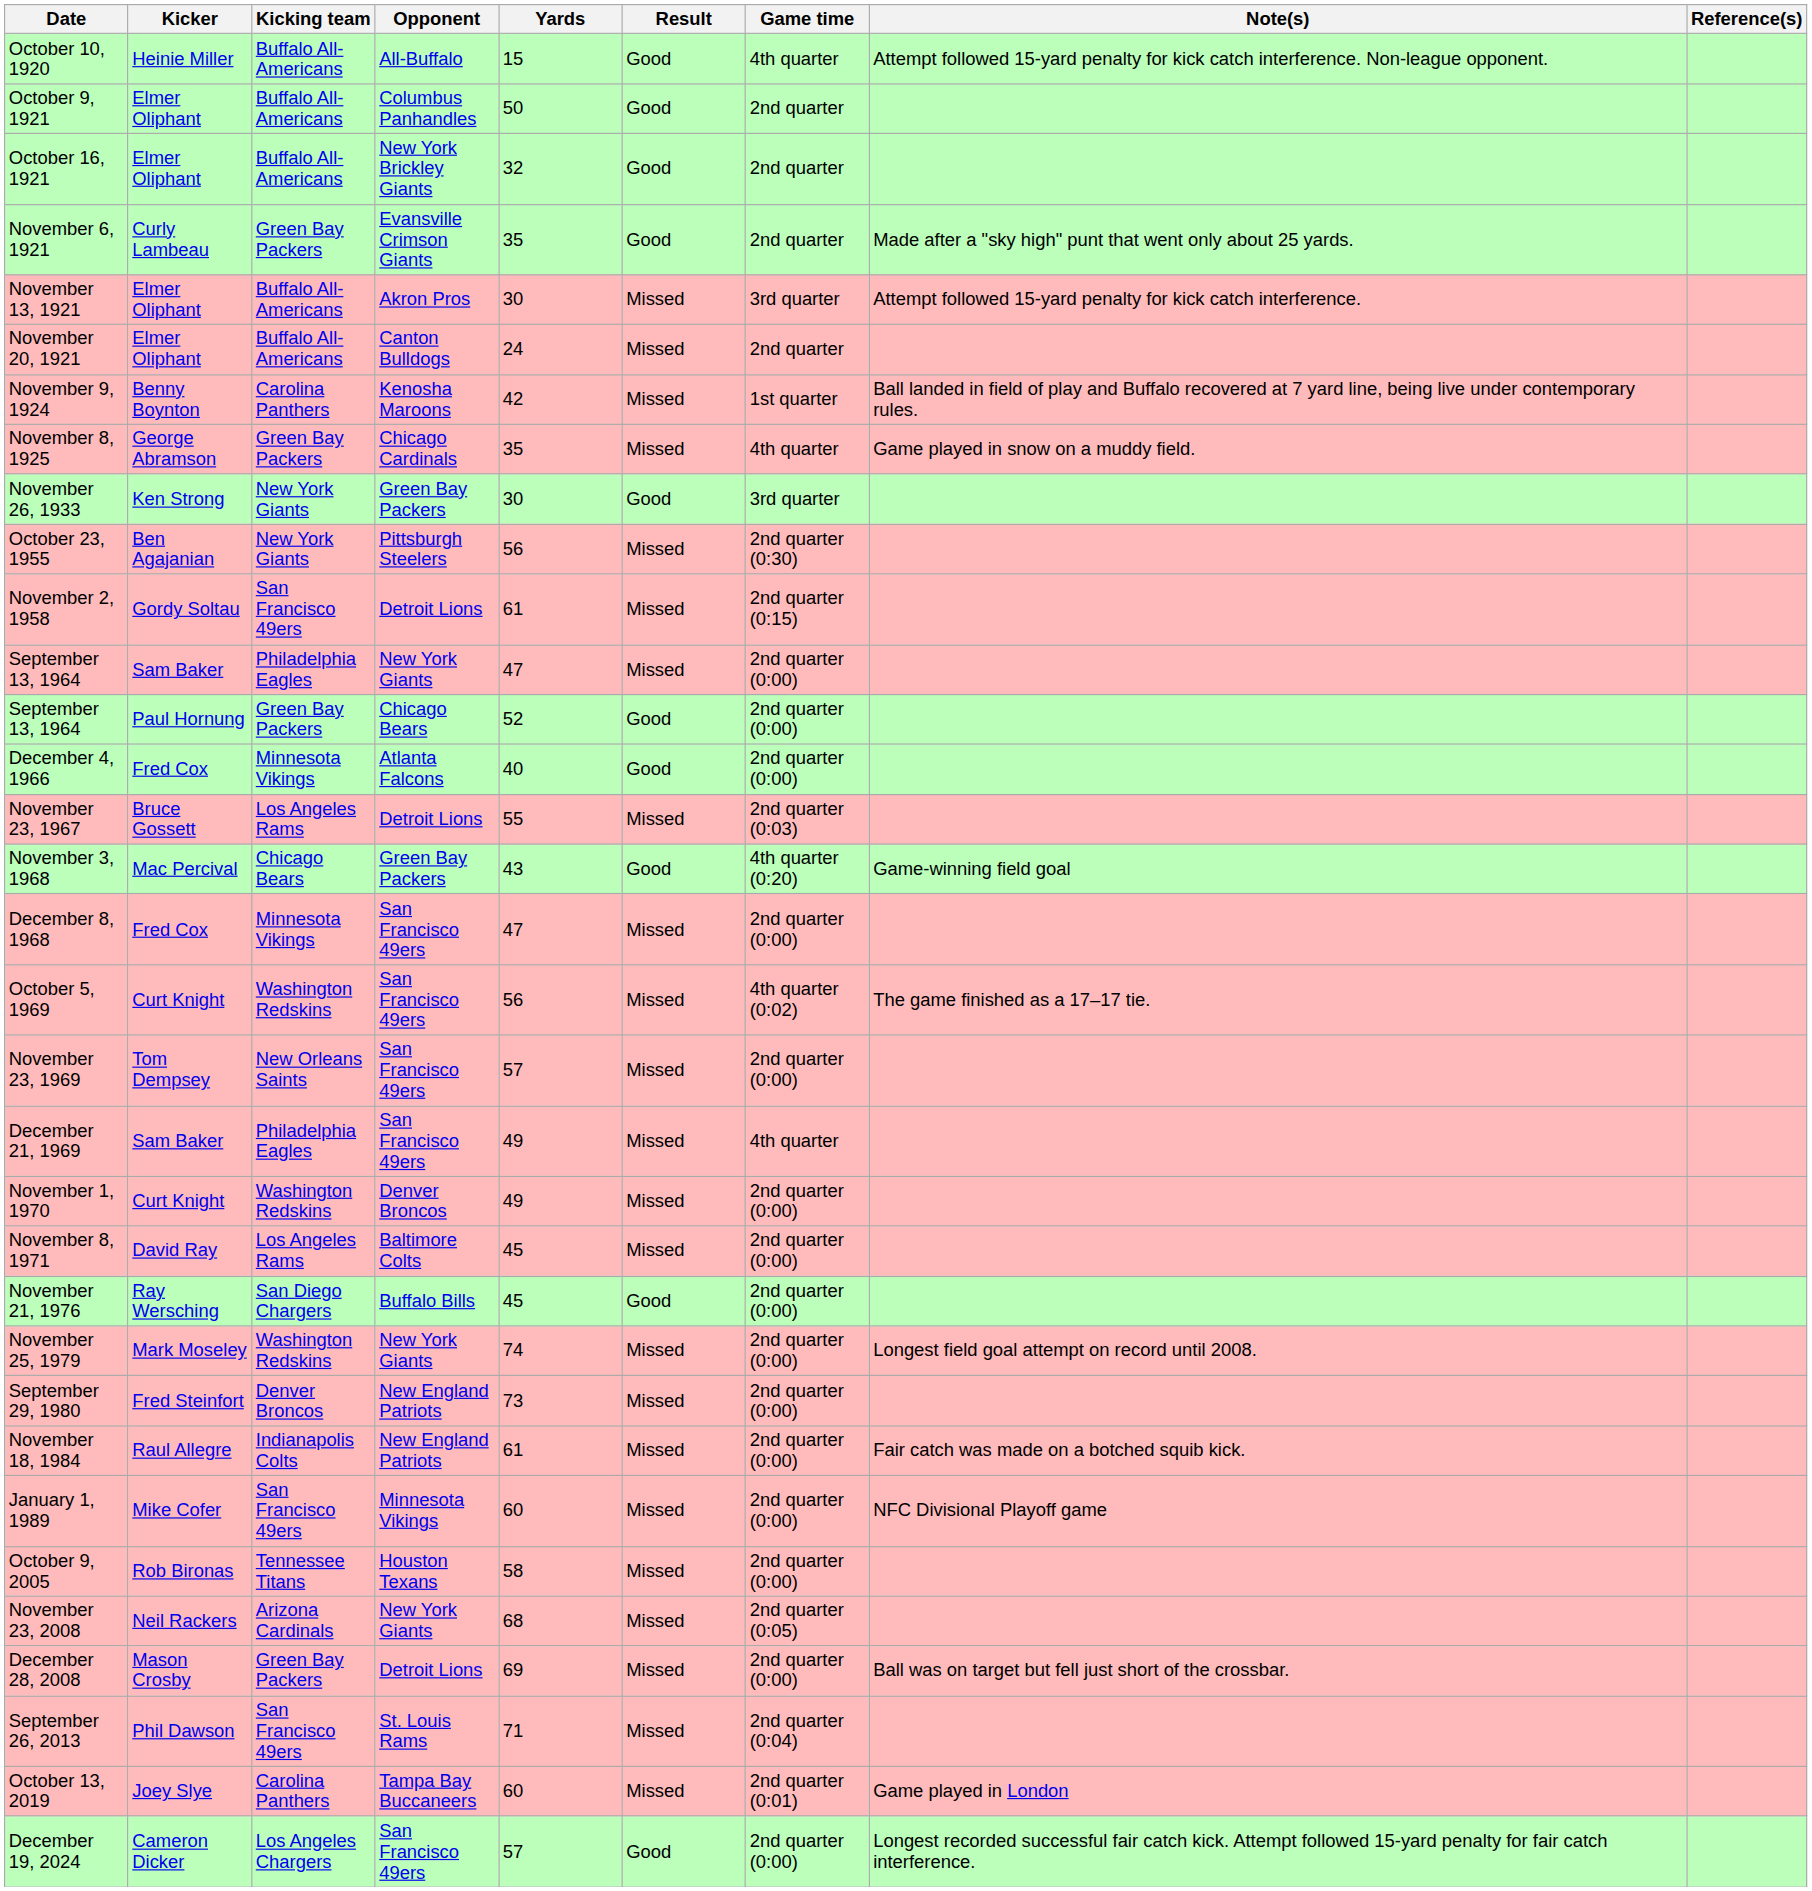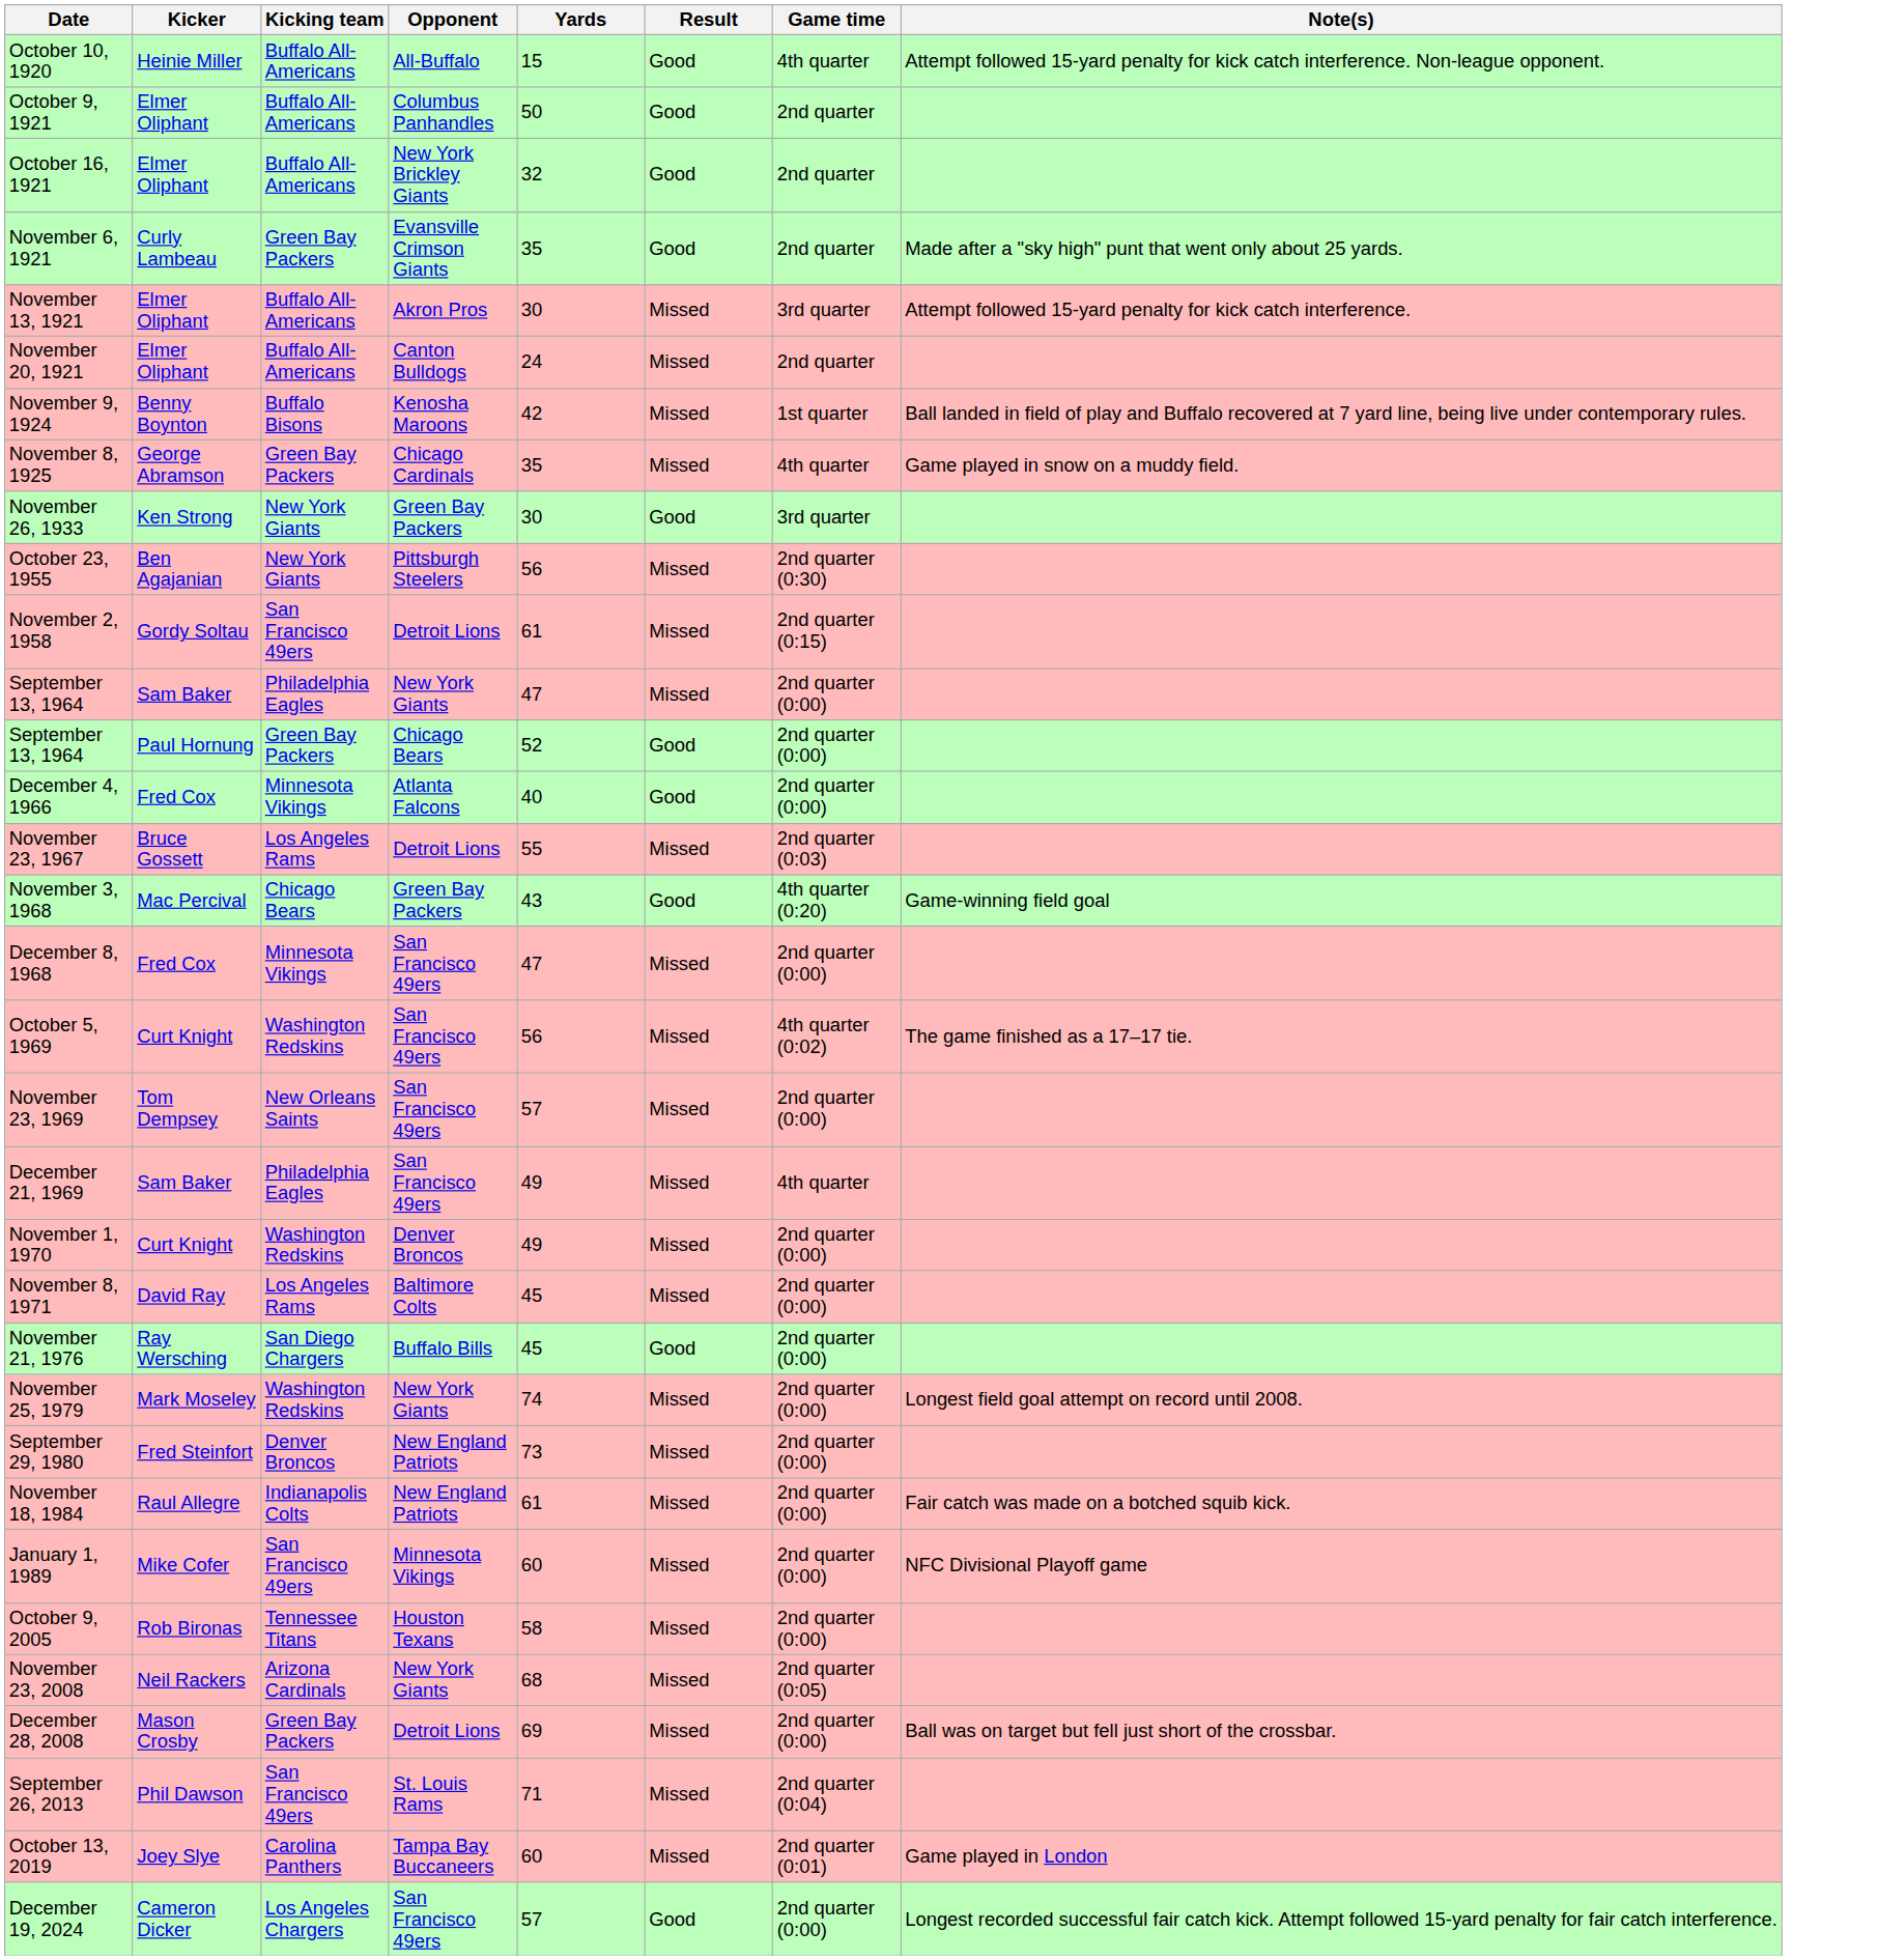 <table class="wikitable plainrowheaders sortable" border="1" style="align:center;">
 <tr>
 <th scope="col" width=100>Date</th>
 <th scope="col" width=100>Kicker</th>
 <th scope="col" width=100>Kicking team</th>
 <th scope="col" width=100>Opponent</th>
 <th scope="col" width=100>Yards</th>
 <th scope="col" width=100>Result</th>
 <th scope="col" width=100>Game time</th>
 <th scope="col" class=unsortable>Note(s)</th>
-<th scope="col" class=unsortable>Reference(s)</th>
 </tr>
 <tr style="background: #BBFFBB;">
 <td scope="row">October 10, 1920</td>
 <td><a href='#'>Heinie Miller</a></td>
 <td><a href='#'>Buffalo All-Americans</a></td>
 <td><a href='#'>All-Buffalo</a></td>
 <td>15</td>
 <td>Good</td>
 <td>4th quarter</td>
 <td>Attempt followed 15-yard penalty for kick catch interference. Non-league opponent.</td>
-<td></td>
 </tr>
 <tr style="background: #BBFFBB;">
 <td scope="row">October 9, 1921</td>
 <td><a href='#'>Elmer Oliphant</a></td>
 <td><a href='#'>Buffalo All-Americans</a></td>
 <td><a href='#'>Columbus Panhandles</a></td>
 <td>50</td>
 <td>Good</td>
 <td>2nd quarter</td>
-<td></td>
 <td></td>
 </tr>
 <tr style="background: #BBFFBB;">
 <td scope="row">October 16, 1921</td>
 <td><a href='#'>Elmer Oliphant</a></td>
 <td><a href='#'>Buffalo All-Americans</a></td>
 <td><a href='#'>New York Brickley Giants</a></td>
 <td>32</td>
 <td>Good</td>
 <td>2nd quarter</td>
 <td></td>
-<td></td>
 </tr>
 <tr style="background: #BBFFBB;">
 <td scope="row">November 6, 1921</td>
 <td><a href='#'>Curly Lambeau</a></td>
 <td><a href='#'>Green Bay Packers</a></td>
 <td><a href='#'>Evansville Crimson Giants</a></td>
 <td>35</td>
 <td>Good</td>
 <td>2nd quarter</td>
 <td>Made after a "sky high" punt that went only about 25 yards.</td>
-<td></td>
 </tr>
 <tr style="background: #FFBBBB;">
 <td scope="row">November 13, 1921</td>
 <td><a href='#'>Elmer Oliphant</a></td>
 <td><a href='#'>Buffalo All-Americans</a></td>
 <td><a href='#'>Akron Pros</a></td>
 <td>30</td>
 <td>Missed</td>
 <td>3rd quarter</td>
 <td>Attempt followed 15-yard penalty for kick catch interference.</td>
-<td></td>
 </tr>
 <tr style="background: #FFBBBB;">
 <td scope="row">November 20, 1921</td>
 <td><a href='#'>Elmer Oliphant</a></td>
 <td><a href='#'>Buffalo All-Americans</a></td>
 <td><a href='#'>Canton Bulldogs</a></td>
 <td>24</td>
 <td>Missed</td>
 <td>2nd quarter</td>
 <td></td>
-<td></td>
 </tr>
 <tr style="background: #FFBBBB;">
 <td scope="row">November 9, 1924</td>
 <td><a href='#'>Benny Boynton</a></td>
-<td><a href='#'>Carolina Panthers</a></td>
+<td><a href='#'>Buffalo Bisons</a></td>
 <td><a href='#'>Kenosha Maroons</a></td>
 <td>42</td>
 <td>Missed</td>
 <td>1st quarter</td>
 <td>Ball landed in field of play and Buffalo recovered at 7 yard line, being live under contemporary rules.</td>
-<td></td>
 </tr>
 <tr style="background: #FFBBBB;">
 <td scope="row">November 8, 1925</td>
 <td><a href='#'>George Abramson</a></td>
 <td><a href='#'>Green Bay Packers</a></td>
 <td><a href='#'>Chicago Cardinals</a></td>
 <td>35</td>
 <td>Missed</td>
 <td>4th quarter</td>
 <td>Game played in snow on a muddy field.</td>
-<td></td>
 </tr>
 <tr style="background: #BBFFBB;">
 <td scope="row">November 26, 1933</td>
 <td><a href='#'>Ken Strong</a></td>
 <td><a href='#'>New York Giants</a></td>
 <td><a href='#'>Green Bay Packers</a></td>
 <td>30</td>
 <td>Good</td>
 <td>3rd quarter</td>
-<td></td>
 <td></td>
 </tr>
 <tr style="background: #FFBBBB;">
 <td scope="row">October 23, 1955</td>
 <td><a href='#'>Ben Agajanian</a></td>
 <td><a href='#'>New York Giants</a></td>
 <td><a href='#'>Pittsburgh Steelers</a></td>
 <td>56</td>
 <td>Missed</td>
 <td>2nd quarter (0:30)</td>
 <td></td>
-<td></td>
 </tr>
 <tr style="background: #FFBBBB;">
 <td scope="row">November 2, 1958</td>
 <td><a href='#'>Gordy Soltau</a></td>
 <td><a href='#'>San Francisco 49ers</a></td>
 <td><a href='#'>Detroit Lions</a></td>
 <td>61</td>
 <td>Missed</td>
 <td>2nd quarter (0:15)</td>
-<td></td>
 <td></td>
 </tr>
 <tr style="background: #FFBBBB;">
 <td scope="row">September 13, 1964</td>
 <td><a href='#'>Sam Baker</a></td>
 <td><a href='#'>Philadelphia Eagles</a></td>
 <td><a href='#'>New York Giants</a></td>
 <td>47</td>
 <td>Missed</td>
 <td>2nd quarter (0:00)</td>
 <td></td>
-<td></td>
 </tr>
 <tr style="background: #BBFFBB;">
 <td scope="row">September 13, 1964</td>
 <td><a href='#'>Paul Hornung</a></td>
 <td><a href='#'>Green Bay Packers</a></td>
 <td><a href='#'>Chicago Bears</a></td>
 <td>52</td>
 <td>Good</td>
 <td>2nd quarter (0:00)</td>
-<td></td>
 <td></td>
 </tr>
 <tr style="background: #BBFFBB;">
 <td scope="row">December 4, 1966</td>
 <td><a href='#'>Fred Cox</a></td>
 <td><a href='#'>Minnesota Vikings</a></td>
 <td><a href='#'>Atlanta Falcons</a></td>
 <td>40</td>
 <td>Good</td>
 <td>2nd quarter (0:00)</td>
 <td></td>
-<td></td>
 </tr>
 <tr style="background: #FFBBBB;">
 <td scope="row">November 23, 1967</td>
 <td><a href='#'>Bruce Gossett</a></td>
 <td><a href='#'>Los Angeles Rams</a></td>
 <td><a href='#'>Detroit Lions</a></td>
 <td>55</td>
 <td>Missed</td>
 <td>2nd quarter (0:03)</td>
-<td></td>
 <td></td>
 </tr>
 <tr style="background: #BBFFBB;">
 <td scope="row">November 3, 1968</td>
 <td><a href='#'>Mac Percival</a></td>
 <td><a href='#'>Chicago Bears</a></td>
 <td><a href='#'>Green Bay Packers</a></td>
 <td>43</td>
 <td>Good</td>
 <td>4th quarter (0:20)</td>
 <td>Game-winning field goal</td>
-<td></td>
 </tr>
 <tr style="background: #FFBBBB;">
 <td scope="row">December 8, 1968</td>
 <td><a href='#'>Fred Cox</a></td>
 <td><a href='#'>Minnesota Vikings</a></td>
 <td><a href='#'>San Francisco 49ers</a></td>
 <td>47</td>
 <td>Missed</td>
 <td>2nd quarter (0:00)</td>
-<td></td>
 <td></td>
 </tr>
 <tr style="background: #FFBBBB;">
 <td scope="row">October 5, 1969</td>
 <td><a href='#'>Curt Knight</a></td>
 <td><a href='#'>Washington Redskins</a></td>
 <td><a href='#'>San Francisco 49ers</a></td>
 <td>56</td>
 <td>Missed</td>
 <td>4th quarter (0:02)</td>
 <td>The game finished as a 17–17 tie.</td>
-<td></td>
 </tr>
 <tr style="background: #FFBBBB;">
 <td scope="row">November 23, 1969</td>
 <td><a href='#'>Tom Dempsey</a></td>
 <td><a href='#'>New Orleans Saints</a></td>
 <td><a href='#'>San Francisco 49ers</a></td>
 <td>57</td>
 <td>Missed</td>
 <td>2nd quarter (0:00)</td>
-<td></td>
 <td></td>
 </tr>
 <tr style="background: #FFBBBB;">
 <td scope="row">December 21, 1969</td>
 <td><a href='#'>Sam Baker</a></td>
 <td><a href='#'>Philadelphia Eagles</a></td>
 <td><a href='#'>San Francisco 49ers</a></td>
 <td>49</td>
 <td>Missed</td>
 <td>4th quarter</td>
 <td></td>
-<td></td>
 </tr>
 <tr style="background: #FFBBBB;">
 <td scope="row">November 1, 1970</td>
 <td><a href='#'>Curt Knight</a></td>
 <td><a href='#'>Washington Redskins</a></td>
 <td><a href='#'>Denver Broncos</a></td>
 <td>49</td>
 <td>Missed</td>
 <td>2nd quarter (0:00)</td>
-<td></td>
 <td></td>
 </tr>
 <tr style="background: #FFBBBB;">
 <td scope="row">November 8, 1971</td>
 <td><a href='#'>David Ray</a></td>
 <td><a href='#'>Los Angeles Rams</a></td>
 <td><a href='#'>Baltimore Colts</a></td>
 <td>45</td>
 <td>Missed</td>
 <td>2nd quarter (0:00)</td>
 <td></td>
-<td></td>
 </tr>
 <tr style="background: #BBFFBB;">
 <td scope="row">November 21, 1976</td>
 <td><a href='#'>Ray Wersching</a></td>
 <td><a href='#'>San Diego Chargers</a></td>
 <td><a href='#'>Buffalo Bills</a></td>
 <td>45</td>
 <td>Good</td>
 <td>2nd quarter (0:00)</td>
-<td></td>
 <td></td>
 </tr>
 <tr style="background: #FFBBBB;">
 <td scope="row">November 25, 1979</td>
 <td><a href='#'>Mark Moseley</a></td>
 <td><a href='#'>Washington Redskins</a></td>
 <td><a href='#'>New York Giants</a></td>
 <td>74</td>
 <td>Missed</td>
 <td>2nd quarter (0:00)</td>
 <td>Longest field goal attempt on record until 2008.</td>
-<td></td>
 </tr>
 <tr style="background: #FFBBBB;">
 <td scope="row">September 29, 1980</td>
 <td><a href='#'>Fred Steinfort</a></td>
 <td><a href='#'>Denver Broncos</a></td>
 <td><a href='#'>New England Patriots</a></td>
 <td>73</td>
 <td>Missed</td>
 <td>2nd quarter (0:00)</td>
-<td></td>
 <td></td>
 </tr>
 <tr style="background: #FFBBBB;">
 <td scope="row">November 18, 1984</td>
 <td><a href='#'>Raul Allegre</a></td>
 <td><a href='#'>Indianapolis Colts</a></td>
 <td><a href='#'>New England Patriots</a></td>
 <td>61</td>
 <td>Missed</td>
 <td>2nd quarter (0:00)</td>
 <td>Fair catch was made on a botched squib kick.</td>
-<td></td>
 </tr>
 <tr style="background: #FFBBBB;">
 <td scope="row">January 1, 1989</td>
 <td><a href='#'>Mike Cofer</a></td>
 <td><a href='#'>San Francisco 49ers</a></td>
 <td><a href='#'>Minnesota Vikings</a></td>
 <td>60</td>
 <td>Missed</td>
 <td>2nd quarter (0:00)</td>
 <td>NFC Divisional Playoff game</td>
-<td></td>
 </tr>
 <tr style="background: #FFBBBB;">
 <td scope="row">October 9, 2005</td>
 <td><a href='#'>Rob Bironas</a></td>
 <td><a href='#'>Tennessee Titans</a></td>
 <td><a href='#'>Houston Texans</a></td>
 <td>58</td>
 <td>Missed</td>
 <td>2nd quarter (0:00)</td>
-<td></td>
 <td></td>
 </tr>
 <tr style="background: #FFBBBB;">
 <td scope="row">November 23, 2008</td>
 <td><a href='#'>Neil Rackers</a></td>
 <td><a href='#'>Arizona Cardinals</a></td>
 <td><a href='#'>New York Giants</a></td>
 <td>68</td>
 <td>Missed</td>
 <td>2nd quarter (0:05)</td>
 <td></td>
-<td></td>
 </tr>
 <tr style="background: #FFBBBB;">
 <td scope="row">December 28, 2008</td>
 <td><a href='#'>Mason Crosby</a></td>
 <td><a href='#'>Green Bay Packers</a></td>
 <td><a href='#'>Detroit Lions</a></td>
 <td>69</td>
 <td>Missed</td>
 <td>2nd quarter (0:00)</td>
 <td>Ball was on target but fell just short of the crossbar.</td>
-<td></td>
 </tr>
 <tr style="background: #FFBBBB;">
 <td scope="row">September 26, 2013</td>
 <td><a href='#'>Phil Dawson</a></td>
 <td><a href='#'>San Francisco 49ers</a></td>
 <td><a href='#'>St. Louis Rams</a></td>
 <td>71</td>
 <td>Missed</td>
 <td>2nd quarter (0:04)</td>
-<td></td>
 <td></td>
 </tr>
 <tr style="background: #FFBBBB;">
 <td scope="row">October 13, 2019</td>
 <td><a href='#'>Joey Slye</a></td>
 <td><a href='#'>Carolina Panthers</a></td>
 <td><a href='#'>Tampa Bay Buccaneers</a></td>
 <td>60</td>
 <td>Missed</td>
 <td>2nd quarter (0:01)</td>
 <td>Game played in <a href='#'>London</a></td>
-<td></td>
 </tr>
 <tr style="background: #BBFFBB;">
 <td scope="row">December 19, 2024</td>
 <td><a href='#'>Cameron Dicker</a></td>
 <td><a href='#'>Los Angeles Chargers</a></td>
 <td><a href='#'>San Francisco 49ers</a></td>
 <td>57</td>
 <td>Good</td>
 <td>2nd quarter (0:00)</td>
 <td>Longest recorded successful fair catch kick.  Attempt followed 15-yard penalty for fair catch interference.</td>
-<td></td>
 </tr>
 </table>
